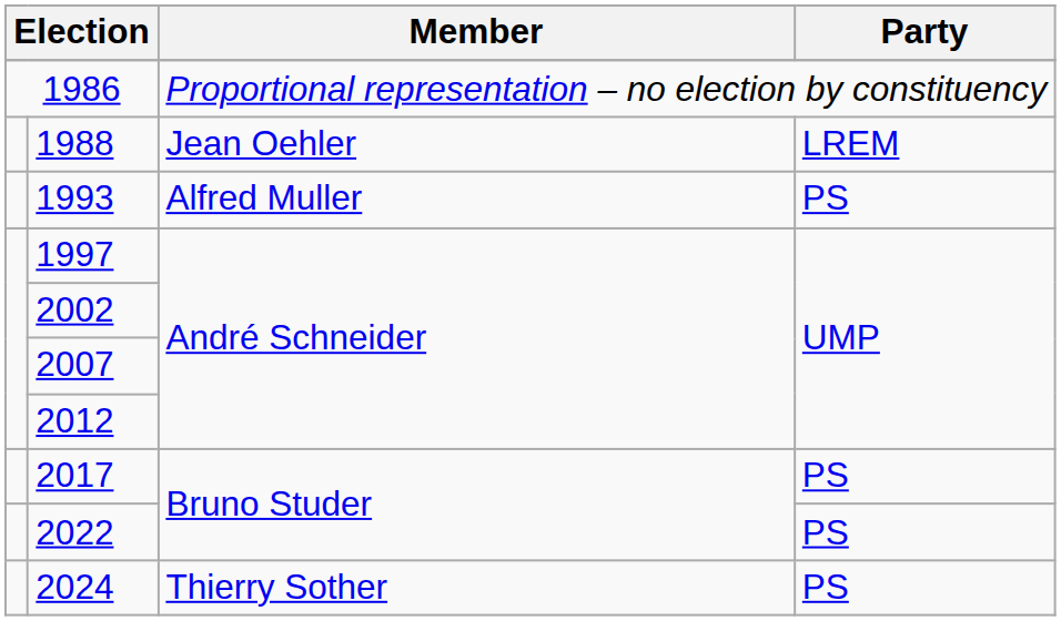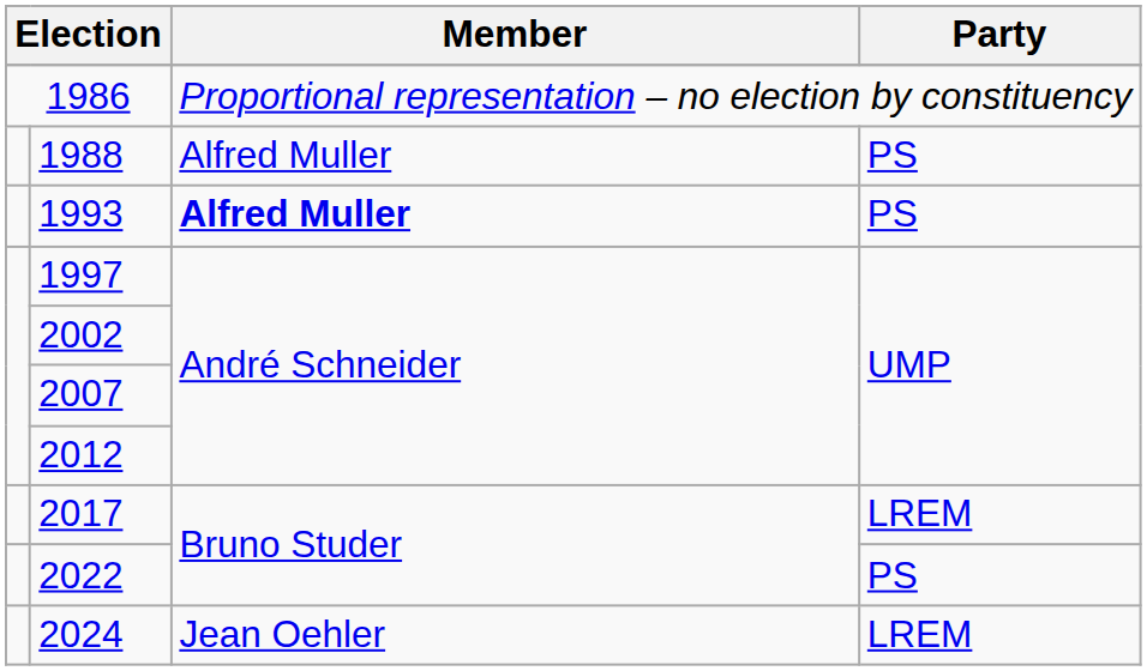 <table class="wikitable">
 <tr>
 <th colspan="2">Election</th>
 <th>Member</th>
 <th>Party</th>
 </tr>
 <tr>
 </tr>
 <tr>
 <td colspan="2" align="center"><a href='#'>1986</a></td>
 <td colspan="2"><em><a href='#'>Proportional representation</a> – no election by constituency</em></td>
 </tr>
 <tr>
 <td style="background-color: "></td>
 <td><a href='#'>1988</a></td>
-<td><a href='#'>Jean Oehler</a></td>
-<td><a href='#'>LREM</a></td>
+<td><a href='#'>Alfred Muller</a></td>
+<td><a href='#'>PS</a></td>
 </tr>
 <tr>
 <td style="background-color: "></td>
 <td><a href='#'>1993</a></td>
-<td><a href='#'>Alfred Muller</a></td>
+<td><strong><a href='#'>Alfred Muller</a></strong></td>
 <td><a href='#'>PS</a></td>
 </tr>
 <tr>
 <td rowspan="4" style="background-color: "></td>
 <td><a href='#'>1997</a></td>
 <td rowspan="4"><a href='#'>André Schneider</a></td>
 <td rowspan="4"><a href='#'>UMP</a></td>
 </tr>
 <tr>
 <td><a href='#'>2002</a></td>
 </tr>
 <tr>
 <td><a href='#'>2007</a></td>
 </tr>
 <tr>
 <td><a href='#'>2012</a></td>
 </tr>
 <tr>
 <td style="background-color: "></td>
 <td><a href='#'>2017</a></td>
 <td rowspan="2"><a href='#'>Bruno Studer</a></td>
-<td><a href='#'>PS</a></td>
+<td><a href='#'>LREM</a></td>
 </tr>
 <tr>
 <td style="background-color: "></td>
 <td><a href='#'>2022</a></td>
 <td><a href='#'>PS</a></td>
 </tr>
 <tr>
 <td style="background-color: "></td>
 <td><a href='#'>2024</a></td>
-<td><a href='#'>Thierry Sother</a></td>
-<td><a href='#'>PS</a></td>
+<td><a href='#'>Jean Oehler</a></td>
+<td><a href='#'>LREM</a></td>
 </tr>
 </table>
